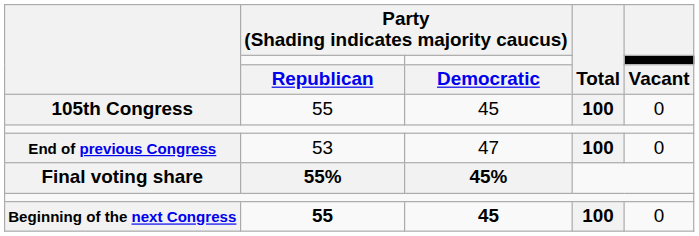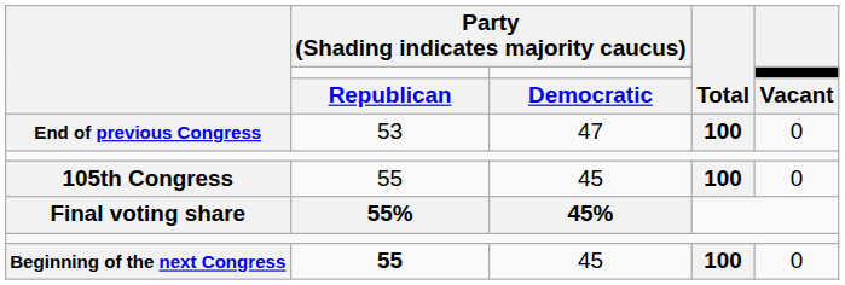 <table class="wikitable" style="text-align:center">
 <tr style="vertical-align:bottom;">
 <th rowspan=3></th>
 <th colspan=2>Party <div>(Shading indicates majority caucus)</div></th>
 <th rowspan=3>Total</th>
 <th></th>
 </tr>
 <tr style="height:5px">
 <td style="background-color:"></td>
 <td style="background-color:"></td>
 <td style="background-color:black"></td>
 </tr>
 <tr>
 <th><a href='#'>Republican</a></th>
 <th><a href='#'>Democratic</a></th>
 <th>Vacant</th>
 </tr>
 <tr>
-<th nowrap>105th Congress</th>
-<td>55</td>
-<td>45</td>
+<th nowrap style="font-size:80%">End of <a href='#'>previous Congress</a></th>
+<td>53</td>
+<td>47</td>
 <th>100</th>
 <td>0</td>
 </tr>
 <tr>
 <td colspan=5></td>
 </tr>
 <tr>
-<th nowrap style="font-size:80%">End of <a href='#'>previous Congress</a></th>
-<td>53</td>
-<td>47</td>
+<th nowrap>105th Congress</th>
+<td>55</td>
+<td>45</td>
 <th>100</th>
 <td>0</td>
 </tr>
 <tr>
 <th>Final voting share</th>
 <th>55%</th>
 <th>45%</th>
 <td colspan=2></td>
 </tr>
 <tr>
 <td colspan=5></td>
 </tr>
 <tr>
 <th nowrap style="font-size:80%">Beginning of the <a href='#'>next Congress</a></th>
 <td><strong>55</strong></td>
-<td><strong>45</strong></td>
+<td>45</td>
 <th>100</th>
 <td>0</td>
 </tr>
 </table>
